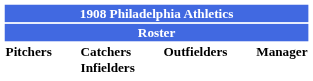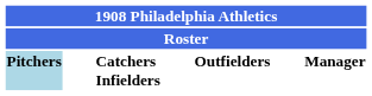 <table class="toccolours" style="font-size: 95%;">
 <tr>
 <th colspan="10" style="background-color: #4169e1; color: white; text-align: center;">1908 Philadelphia Athletics</th>
 </tr>
 <tr>
 <td colspan="10" style="background-color: #4169e1; color: white; text-align: center;"><strong>Roster</strong></td>
 </tr>
 <tr>
-<td valign="top"><strong>Pitchers</strong><br>            </td>
+<td valign="top" style="background: lightblue;"><strong>Pitchers</strong><br>            </td>
 <td width="25px"></td>
 <td valign="top"><strong>Catchers</strong><br>      <strong>Infielders</strong>        </td>
 <td width="25px"></td>
 <td valign="top"><strong>Outfielders</strong><br>         </td>
 <td width="25px"></td>
 <td valign="top"><strong>Manager</strong><br></td>
 </tr>
 </table>
